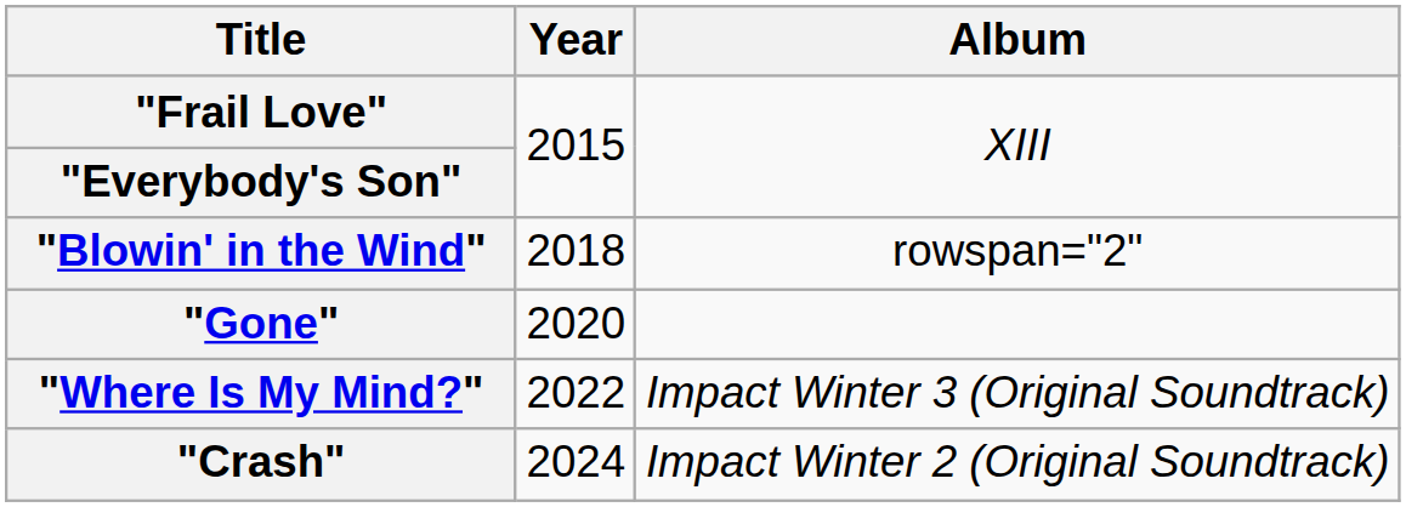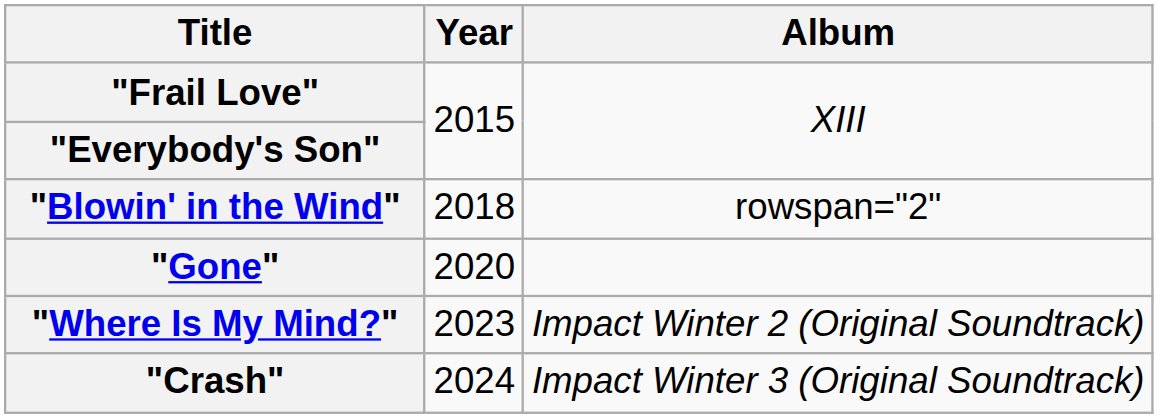 <table class="wikitable plainrowheaders" style="text-align:center;">
 <tr>
 <th scope="col" style="width:11em;">Title</th>
 <th scope="col" style="width:1em;">Year</th>
 <th scope="col">Album</th>
 </tr>
 <tr>
 <th scope="row">"Frail Love"</th>
 <td rowspan="2">2015</td>
 <td rowspan="2"><em>XIII</em></td>
 </tr>
 <tr>
 <th scope="row">"Everybody's Son"</th>
 </tr>
 <tr>
 <th scope="row">"<a href='#'>Blowin' in the Wind</a>"</th>
 <td>2018</td>
 <td>rowspan="2" </td>
 </tr>
 <tr>
 <th scope="row">"<a href='#'>Gone</a>"</th>
 <td>2020</td>
 </tr>
 <tr>
 <th scope="row">"<a href='#'>Where Is My Mind?</a>"</th>
-<td>2022</td>
-<td><em>Impact Winter 3 (Original Soundtrack)</em></td>
+<td>2023</td>
+<td><em>Impact Winter 2 (Original Soundtrack)</em></td>
 </tr>
 <tr>
 <th scope="row">"Crash"</th>
 <td>2024</td>
-<td><em>Impact Winter 2 (Original Soundtrack)</em></td>
+<td><em>Impact Winter 3 (Original Soundtrack)</em></td>
 </tr>
 </table>
